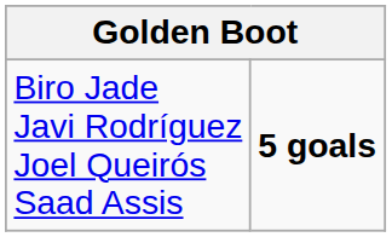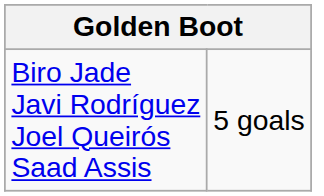 <table class="wikitable">
 <tr>
 <th colspan=2>Golden Boot</th>
 </tr>
 <tr>
 <td> <a href='#'>Biro Jade</a><br> <a href='#'>Javi Rodríguez</a><br> <a href='#'>Joel Queirós</a><br> <a href='#'>Saad Assis</a></td>
-<td><strong>5 goals</strong></td>
+<td>5 goals</td>
 </tr>
 </table>
